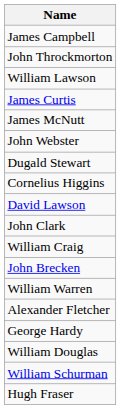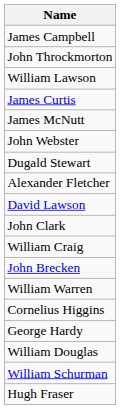 <table class="wikitable">
 <tr>
 <th>Name</th>
 </tr>
 <tr>
 <td>James Campbell</td>
 </tr>
 <tr>
 <td>John Throckmorton</td>
 </tr>
 <tr>
 <td>William Lawson</td>
 </tr>
 <tr>
 <td><a href='#'>James Curtis</a></td>
 </tr>
 <tr>
 <td>James McNutt</td>
 </tr>
 <tr>
 <td>John Webster</td>
 </tr>
 <tr>
 <td>Dugald Stewart</td>
 </tr>
 <tr>
-<td>Cornelius Higgins</td>
+<td>Alexander Fletcher</td>
 </tr>
 <tr>
 <td><a href='#'>David Lawson</a></td>
 </tr>
 <tr>
 <td>John Clark</td>
 </tr>
 <tr>
 <td>William Craig</td>
 </tr>
 <tr>
 <td><a href='#'>John Brecken</a></td>
 </tr>
 <tr>
 <td>William Warren</td>
 </tr>
 <tr>
-<td>Alexander Fletcher</td>
+<td>Cornelius Higgins</td>
 </tr>
 <tr>
 <td>George Hardy</td>
 </tr>
 <tr>
 <td>William Douglas</td>
 </tr>
 <tr>
 <td><a href='#'>William Schurman</a></td>
 </tr>
 <tr>
 <td>Hugh Fraser</td>
 </tr>
 </table>
